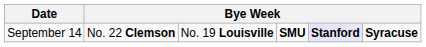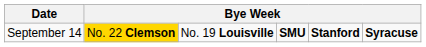 <table class="wikitable" style="font-size:95%;">
 <tr>
 <th>Date</th>
 <th colspan="5">Bye Week</th>
 </tr>
 <tr>
 <td>September 14</td>
-<td>No. 22 <strong>Clemson</strong></td>
+<td style="background: gold;">No. 22 <strong>Clemson</strong></td>
 <td>No. 19 <strong>Louisville</strong></td>
 <td><strong>SMU</strong></td>
-<td style="background: lavender;"><strong>Stanford</strong></td>
+<td><strong>Stanford</strong></td>
 <td><strong>Syracuse</strong></td>
 </tr>
 </table>
